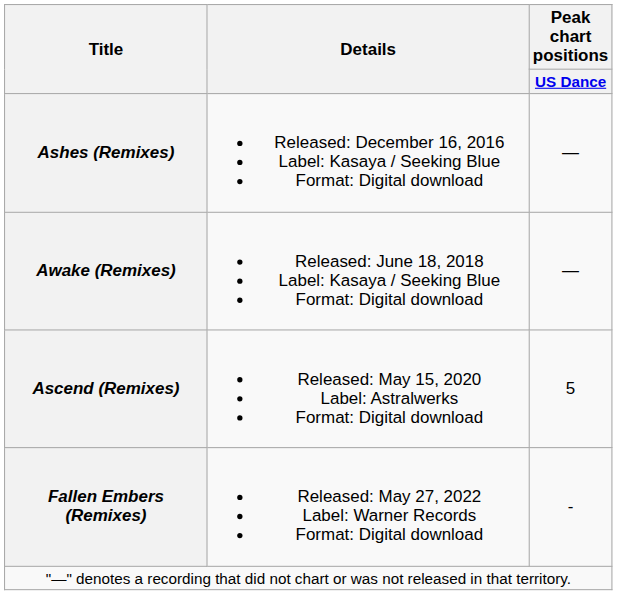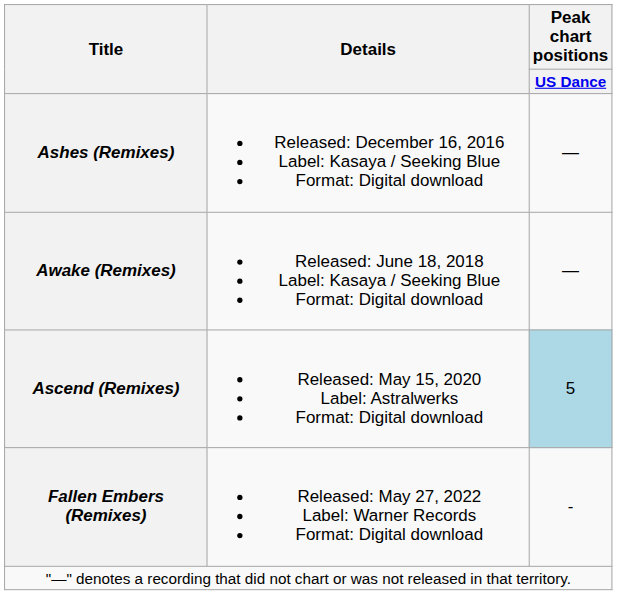 <table class="wikitable plainrowheaders" style="text-align:center;">
 <tr>
 <th rowspan="2" scope="col" style="width:11.5em;">Title</th>
 <th rowspan="2" scope="col" style="width:18.5em;">Details</th>
 <th colspan="1" scope="col">Peak chart positions</th>
 </tr>
 <tr>
 <th scope="col" style="width:3em;font-size:90%;"><a href='#'>US Dance</a><br></th>
 </tr>
 <tr>
 <th scope="row"><em>Ashes (Remixes)</em></th>
 <td><br><ul><li>Released: December 16, 2016</li><li>Label: Kasaya / Seeking Blue</li><li>Format: Digital download</li></ul></td>
 <td>—</td>
 </tr>
 <tr>
 <th scope="row"><em>Awake (Remixes)</em></th>
 <td><br><ul><li>Released: June 18, 2018</li><li>Label: Kasaya / Seeking Blue</li><li>Format: Digital download</li></ul></td>
 <td>—</td>
 </tr>
 <tr>
 <th scope="row"><em>Ascend (Remixes)</em></th>
 <td><br><ul><li>Released: May 15, 2020</li><li>Label: Astralwerks</li><li>Format: Digital download</li></ul></td>
-<td>5</td>
+<td style="background: lightblue;">5</td>
 </tr>
 <tr>
 <th scope="row"><em>Fallen Embers (Remixes)</em></th>
 <td><br><ul><li>Released: May 27, 2022</li><li>Label: Warner Records</li><li>Format: Digital download</li></ul></td>
 <td>-</td>
 </tr>
 <tr>
 <td colspan="3" style="font-size:90%">"—" denotes a recording that did not chart or was not released in that territory.</td>
 </tr>
 </table>
